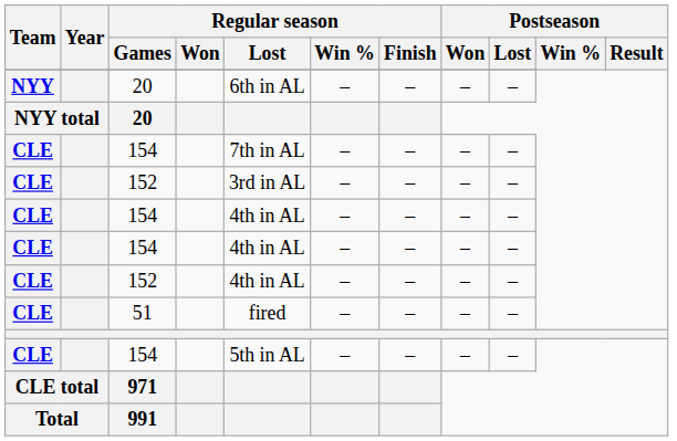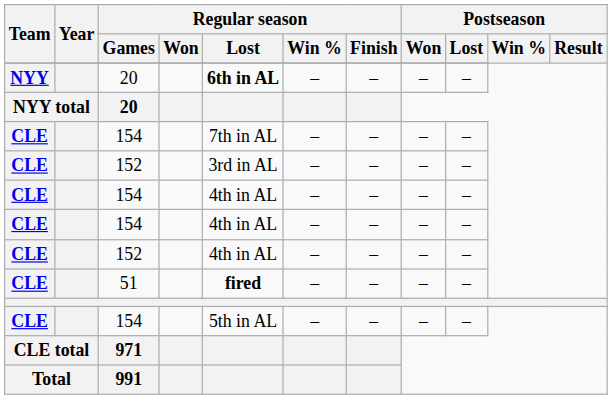 <table class="wikitable" style="font-size: 95%; text-align:center;">
 <tr>
 <th rowspan="2">Team</th>
 <th rowspan="2">Year</th>
 <th colspan="5">Regular season</th>
 <th colspan="4">Postseason</th>
 </tr>
 <tr>
 <th>Games</th>
 <th>Won</th>
 <th>Lost</th>
 <th>Win %</th>
 <th>Finish</th>
 <th>Won</th>
 <th>Lost</th>
 <th>Win %</th>
 <th>Result</th>
 </tr>
 <tr>
 </tr>
 <tr>
 <th><a href='#'>NYY</a></th>
 <th></th>
 <td>20</td>
 <td></td>
-<td>6th in AL</td>
+<td><strong>6th in AL</strong></td>
 <td>–</td>
 <td>–</td>
 <td>–</td>
 <td>–</td>
 </tr>
 <tr>
 <th colspan="2">NYY total</th>
 <th>20</th>
 <th></th>
 <th></th>
 <th></th>
 <th></th>
 </tr>
 <tr>
 <th><a href='#'>CLE</a></th>
 <th></th>
 <td>154</td>
 <td></td>
 <td>7th in AL</td>
 <td>–</td>
 <td>–</td>
 <td>–</td>
 <td>–</td>
 </tr>
 <tr>
 <th><a href='#'>CLE</a></th>
 <th></th>
 <td>152</td>
 <td></td>
 <td>3rd in AL</td>
 <td>–</td>
 <td>–</td>
 <td>–</td>
 <td>–</td>
 </tr>
 <tr>
 <th><a href='#'>CLE</a></th>
 <th></th>
 <td>154</td>
 <td></td>
 <td>4th in AL</td>
 <td>–</td>
 <td>–</td>
 <td>–</td>
 <td>–</td>
 </tr>
 <tr>
 <th><a href='#'>CLE</a></th>
 <th></th>
 <td>154</td>
 <td></td>
 <td>4th in AL</td>
 <td>–</td>
 <td>–</td>
 <td>–</td>
 <td>–</td>
 </tr>
 <tr>
 <th><a href='#'>CLE</a></th>
 <th></th>
 <td>152</td>
 <td></td>
 <td>4th in AL</td>
 <td>–</td>
 <td>–</td>
 <td>–</td>
 <td>–</td>
 </tr>
 <tr>
 <th><a href='#'>CLE</a></th>
 <th></th>
 <td>51</td>
 <td></td>
-<td>fired</td>
+<td><strong>fired</strong></td>
 <td>–</td>
 <td>–</td>
 <td>–</td>
 <td>–</td>
 </tr>
 <tr>
 <th colspan="11"></th>
 </tr>
 <tr>
 <th><a href='#'>CLE</a></th>
 <th></th>
 <td>154</td>
 <td></td>
 <td>5th in AL</td>
 <td>–</td>
 <td>–</td>
 <td>–</td>
 <td>–</td>
 </tr>
 <tr>
 <th colspan="2">CLE total</th>
 <th>971</th>
 <th></th>
 <th></th>
 <th></th>
 <th></th>
 </tr>
 <tr>
 <th colspan="2">Total</th>
 <th>991</th>
 <th></th>
 <th></th>
 <th></th>
 <th></th>
 </tr>
 </table>
